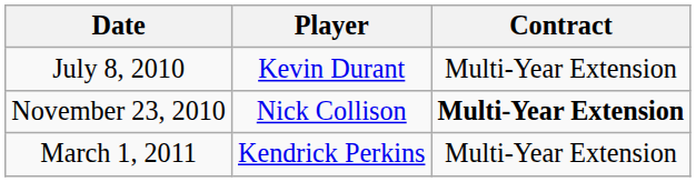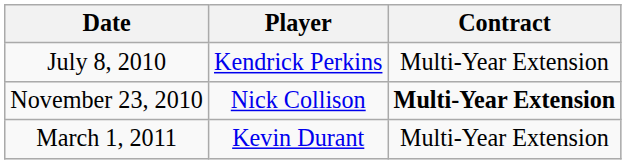 <table class="wikitable sortable sortable" style="text-align: center">
 <tr>
 <th>Date</th>
 <th>Player</th>
 <th>Contract</th>
 </tr>
 <tr style="text-align: center">
 <td>July 8, 2010</td>
-<td><a href='#'>Kevin Durant</a></td>
+<td><a href='#'>Kendrick Perkins</a></td>
 <td>Multi-Year Extension</td>
 </tr>
 <tr style="text-align: center">
 <td>November 23, 2010</td>
 <td><a href='#'>Nick Collison</a></td>
 <td><strong>Multi-Year Extension</strong></td>
 </tr>
 <tr style="text-align: center">
 <td>March 1, 2011</td>
-<td><a href='#'>Kendrick Perkins</a></td>
+<td><a href='#'>Kevin Durant</a></td>
 <td>Multi-Year Extension</td>
 </tr>
 </table>
